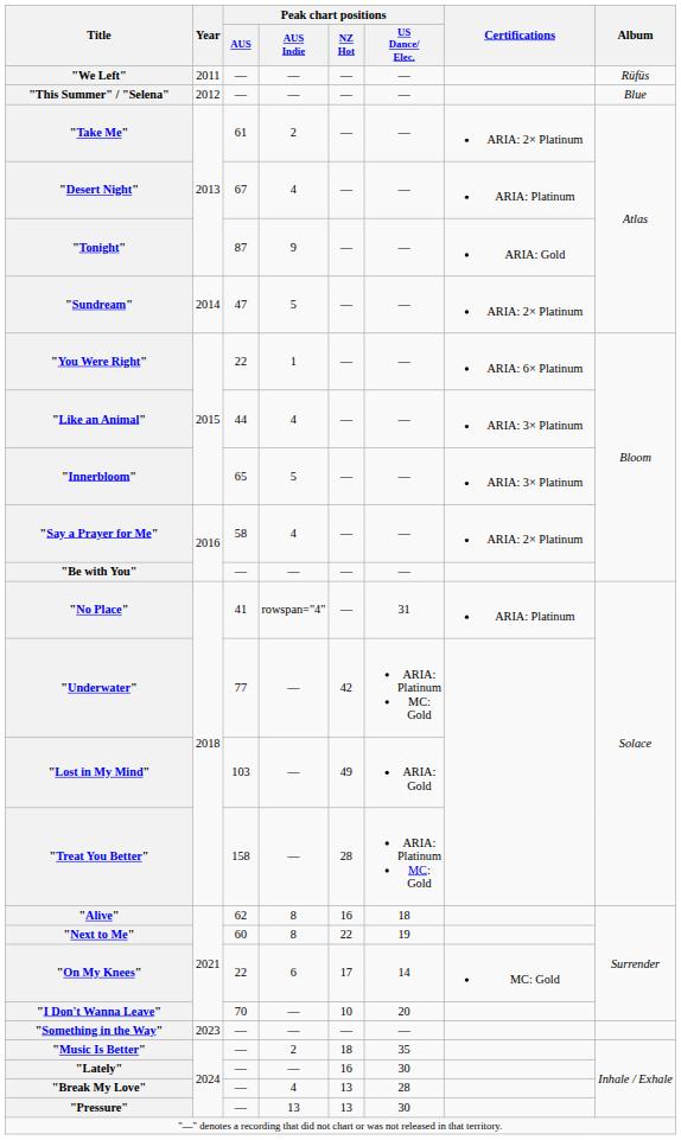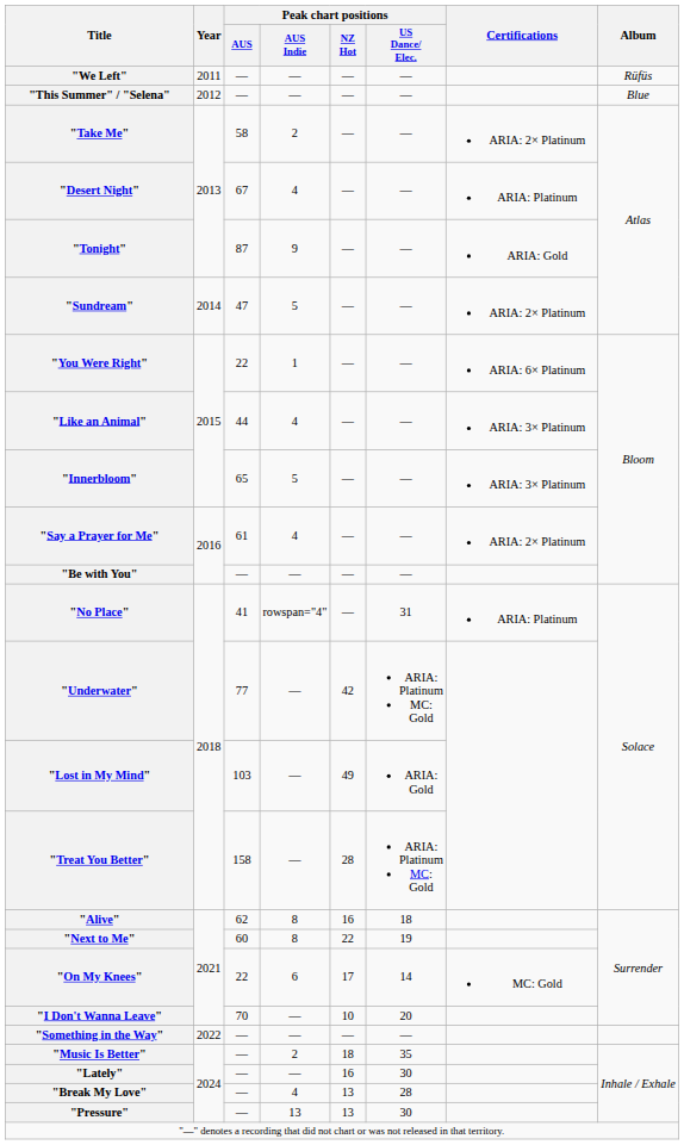 <table class="wikitable plainrowheaders" style="text-align:center;">
 <tr>
 <th scope="col" rowspan="2" style="width:15em;">Title</th>
 <th scope="col" rowspan="2" style="width:1em;">Year</th>
 <th scope="col" colspan="4">Peak chart positions</th>
 <th scope="col" rowspan="2" style="width:12em;"><a href='#'>Certifications</a></th>
 <th scope="col" rowspan="2">Album</th>
 </tr>
 <tr>
 <th scope="col" style="width:3em;font-size:85%;"><a href='#'>AUS</a><br></th>
 <th scope="col" style="width:3em;font-size:85%;"><a href='#'>AUS<br>Indie</a><br></th>
 <th scope="col" style="width:3em;font-size:85%;"><a href='#'>NZ<br>Hot</a><br></th>
 <th scope="col" style="width:3em;font-size:85%;"><a href='#'>US<br>Dance/<br>Elec.</a><br></th>
 </tr>
 <tr>
 <th scope="row">"We Left"</th>
 <td>2011</td>
 <td>—</td>
 <td>—</td>
 <td>—</td>
 <td>—</td>
 <td></td>
 <td><em>Rüfüs</em></td>
 </tr>
 <tr>
 <th scope="row">"This Summer" / "Selena"</th>
 <td>2012</td>
 <td>—</td>
 <td>—</td>
 <td>—</td>
 <td>—</td>
 <td></td>
 <td><em>Blue</em></td>
 </tr>
 <tr>
 <th scope="row">"<a href='#'>Take Me</a>"</th>
 <td rowspan="3">2013</td>
-<td>61</td>
+<td>58</td>
 <td>2</td>
 <td>—</td>
 <td>—</td>
 <td><br><ul><li>ARIA: 2× Platinum</li></ul></td>
 <td rowspan="4"><em>Atlas</em></td>
 </tr>
 <tr>
 <th scope="row">"<a href='#'>Desert Night</a>"</th>
 <td>67</td>
 <td>4</td>
 <td>—</td>
 <td>—</td>
 <td><br><ul><li>ARIA: Platinum</li></ul></td>
 </tr>
 <tr>
 <th scope="row">"<a href='#'>Tonight</a>"</th>
 <td>87</td>
 <td>9</td>
 <td>—</td>
 <td>—</td>
 <td><br><ul><li>ARIA: Gold</li></ul></td>
 </tr>
 <tr>
 <th scope="row">"<a href='#'>Sundream</a>"</th>
 <td>2014</td>
 <td>47</td>
 <td>5</td>
 <td>—</td>
 <td>—</td>
 <td><br><ul><li>ARIA: 2× Platinum</li></ul></td>
 </tr>
 <tr>
 <th scope="row">"<a href='#'>You Were Right</a>"</th>
 <td rowspan="3">2015</td>
 <td>22</td>
 <td>1</td>
 <td>—</td>
 <td>—</td>
 <td><br><ul><li>ARIA: 6× Platinum</li></ul></td>
 <td rowspan="5"><em>Bloom</em></td>
 </tr>
 <tr>
 <th scope="row">"<a href='#'>Like an Animal</a>"</th>
 <td>44</td>
 <td>4</td>
 <td>—</td>
 <td>—</td>
 <td><br><ul><li>ARIA: 3× Platinum</li></ul></td>
 </tr>
 <tr>
 <th scope="row">"<a href='#'>Innerbloom</a>"<br></th>
 <td>65</td>
 <td>5</td>
 <td>—</td>
 <td>—</td>
 <td><br><ul><li>ARIA: 3× Platinum</li></ul></td>
 </tr>
 <tr>
 <th scope="row">"<a href='#'>Say a Prayer for Me</a>"</th>
 <td rowspan="2">2016</td>
-<td>58</td>
+<td>61</td>
 <td>4</td>
 <td>—</td>
 <td>—</td>
 <td><br><ul><li>ARIA: 2× Platinum</li></ul></td>
 </tr>
 <tr>
 <th scope="row">"Be with You"</th>
 <td>—</td>
 <td>—</td>
 <td>—</td>
 <td>—</td>
 <td></td>
 </tr>
 <tr>
 <th scope="row">"<a href='#'>No Place</a>"</th>
 <td rowspan="4">2018</td>
 <td>41</td>
 <td>rowspan="4" </td>
 <td>—</td>
 <td>31</td>
 <td><br><ul><li>ARIA: Platinum</li></ul></td>
 <td rowspan="4"><em>Solace</em></td>
 </tr>
 <tr>
 <th scope="row">"<a href='#'>Underwater</a>"</th>
 <td>77</td>
 <td>—</td>
 <td>42</td>
 <td><br><ul><li>ARIA: Platinum</li><li>MC: Gold</li></ul></td>
 </tr>
 <tr>
 <th scope="row">"<a href='#'>Lost in My Mind</a>"</th>
 <td>103</td>
 <td>—</td>
 <td>49</td>
 <td><br><ul><li>ARIA: Gold</li></ul></td>
 </tr>
 <tr>
 <th scope="row">"<a href='#'>Treat You Better</a>"</th>
 <td>158</td>
 <td>—</td>
 <td>28</td>
 <td><br><ul><li>ARIA: Platinum</li><li><a href='#'>MC</a>: Gold</li></ul></td>
 </tr>
 <tr>
 <th scope="row">"<a href='#'>Alive</a>"</th>
 <td rowspan="4">2021</td>
 <td>62</td>
 <td>8</td>
 <td>16</td>
 <td>18</td>
 <td></td>
 <td rowspan="4"><em>Surrender</em></td>
 </tr>
 <tr>
 <th scope="row">"<a href='#'>Next to Me</a>"</th>
 <td>60</td>
 <td>8</td>
 <td>22</td>
 <td>19</td>
 <td></td>
 </tr>
 <tr>
 <th scope="row">"<a href='#'>On My Knees</a>"</th>
 <td>22</td>
 <td>6</td>
 <td>17</td>
 <td>14</td>
 <td><br><ul><li>MC: Gold</li></ul></td>
 </tr>
 <tr>
 <th scope="row">"<a href='#'>I Don't Wanna Leave</a>"</th>
 <td>70</td>
 <td>—</td>
 <td>10</td>
 <td>20</td>
 <td></td>
 </tr>
 <tr>
 <th scope="row">"<a href='#'>Something in the Way</a>" <br></th>
-<td>2023</td>
+<td>2022</td>
 <td>—</td>
 <td>—</td>
 <td>—</td>
 <td>—</td>
 <td></td>
 <td></td>
 </tr>
 <tr>
 <th scope="row">"<a href='#'>Music Is Better</a>"</th>
 <td rowspan="4">2024</td>
 <td>—</td>
 <td>2</td>
 <td>18</td>
 <td>35</td>
 <td></td>
 <td rowspan="4"><em>Inhale / Exhale</em></td>
 </tr>
 <tr>
 <th scope="row">"Lately"</th>
 <td>—</td>
 <td>—</td>
 <td>16</td>
 <td>30</td>
 <td></td>
 </tr>
 <tr>
 <th scope="row">"Break My Love"</th>
 <td>—</td>
 <td>4</td>
 <td>13</td>
 <td>28</td>
 <td></td>
 </tr>
 <tr>
 <th scope="row">"Pressure"</th>
 <td>—</td>
 <td>13</td>
 <td>13</td>
 <td>30</td>
 <td></td>
 </tr>
 <tr>
 <td colspan="8" style="font-size:85%">"—" denotes a recording that did not chart or was not released in that territory.</td>
 </tr>
 </table>
